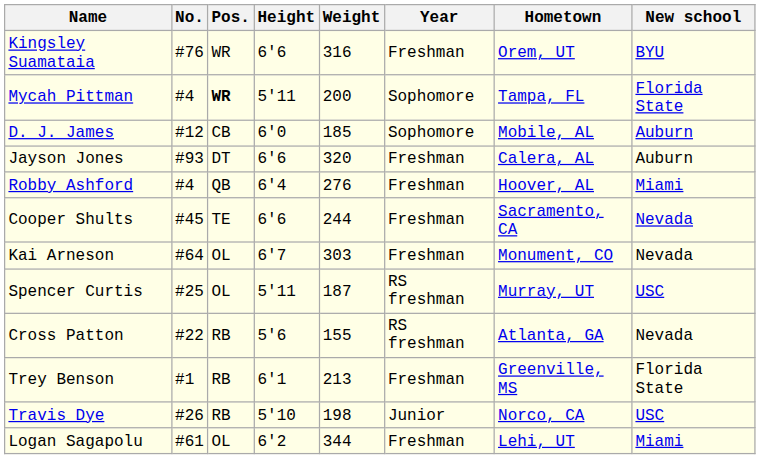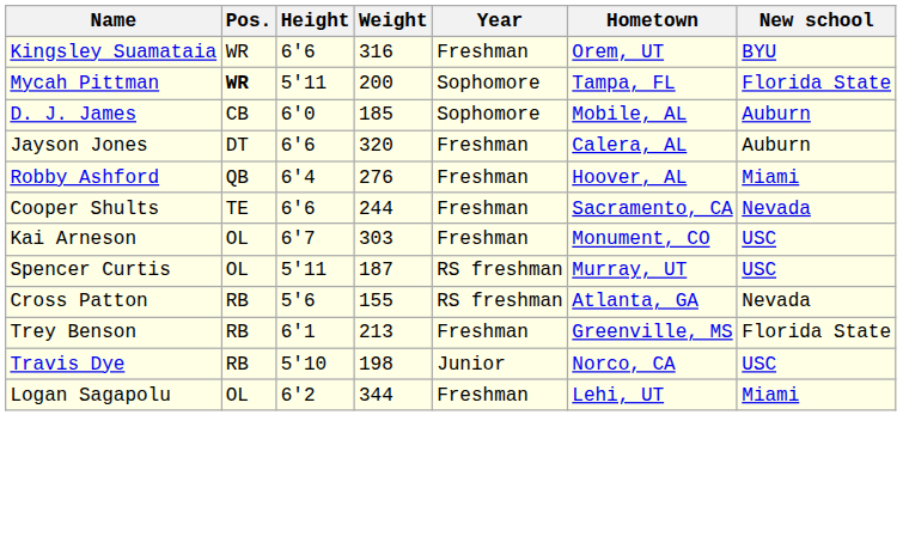 <table class="wikitable sortable mw-collapsible mw-collapsed">
 <tr>
 <th>Name</th>
-<th>No.</th>
 <th>Pos.</th>
 <th>Height</th>
 <th>Weight</th>
 <th>Year</th>
 <th>Hometown</th>
 <th class="unsortable">New school</th>
 </tr>
 <tr style="background:#FFFFE6;">
 <td><a href='#'>Kingsley Suamataia</a></td>
-<td>#76</td>
 <td>WR</td>
 <td>6'6</td>
 <td>316</td>
 <td>Freshman</td>
 <td><a href='#'>Orem, UT</a></td>
 <td><a href='#'>BYU</a></td>
 </tr>
 <tr style="background:#FFFFE6;">
 <td><a href='#'>Mycah Pittman</a></td>
-<td>#4</td>
 <td><strong>WR</strong></td>
 <td>5'11</td>
 <td>200</td>
 <td>Sophomore</td>
 <td><a href='#'>Tampa, FL</a></td>
 <td><a href='#'>Florida State</a></td>
 </tr>
 <tr style="background:#FFFFE6;">
 <td><a href='#'>D. J. James</a></td>
-<td>#12</td>
 <td>CB</td>
 <td>6'0</td>
 <td>185</td>
 <td>Sophomore</td>
 <td><a href='#'>Mobile, AL</a></td>
 <td><a href='#'>Auburn</a></td>
 </tr>
 <tr style="background:#FFFFE6;">
 <td>Jayson Jones</td>
-<td>#93</td>
 <td>DT</td>
 <td>6'6</td>
 <td>320</td>
 <td>Freshman</td>
 <td><a href='#'>Calera, AL</a></td>
 <td>Auburn</td>
 </tr>
 <tr style="background:#FFFFE6;">
 <td><a href='#'>Robby Ashford</a></td>
-<td>#4</td>
 <td>QB</td>
 <td>6'4</td>
 <td>276</td>
 <td>Freshman</td>
 <td><a href='#'>Hoover, AL</a></td>
 <td><a href='#'>Miami</a></td>
 </tr>
 <tr style="background:#FFFFE6;">
 <td>Cooper Shults</td>
-<td>#45</td>
 <td>TE</td>
 <td>6'6</td>
 <td>244</td>
 <td>Freshman</td>
 <td><a href='#'>Sacramento, CA</a></td>
 <td><a href='#'>Nevada</a></td>
 </tr>
 <tr style="background:#FFFFE6;">
 <td>Kai Arneson</td>
-<td>#64</td>
 <td>OL</td>
 <td>6'7</td>
 <td>303</td>
 <td>Freshman</td>
 <td><a href='#'>Monument, CO</a></td>
-<td>Nevada</td>
+<td><a href='#'>USC</a></td>
 </tr>
 <tr style="background:#FFFFE6;">
 <td>Spencer Curtis</td>
-<td>#25</td>
 <td>OL</td>
 <td>5'11</td>
 <td>187</td>
 <td>RS freshman</td>
 <td><a href='#'>Murray, UT</a></td>
 <td><a href='#'>USC</a></td>
 </tr>
 <tr style="background:#FFFFE6;">
 <td>Cross Patton</td>
-<td>#22</td>
 <td>RB</td>
 <td>5'6</td>
 <td>155</td>
 <td>RS freshman</td>
 <td><a href='#'>Atlanta, GA</a></td>
 <td>Nevada</td>
 </tr>
 <tr style="background:#FFFFE6;">
 <td>Trey Benson</td>
-<td>#1</td>
 <td>RB</td>
 <td>6'1</td>
 <td>213</td>
 <td>Freshman</td>
 <td><a href='#'>Greenville, MS</a></td>
 <td>Florida State</td>
 </tr>
 <tr style="background:#FFFFE6;">
 <td><a href='#'>Travis Dye</a></td>
-<td>#26</td>
 <td>RB</td>
 <td>5'10</td>
 <td>198</td>
 <td>Junior</td>
 <td><a href='#'>Norco, CA</a></td>
 <td><a href='#'>USC</a></td>
 </tr>
 <tr style="background:#FFFFE6;">
 <td>Logan Sagapolu</td>
-<td>#61</td>
 <td>OL</td>
 <td>6'2</td>
 <td>344</td>
 <td>Freshman</td>
 <td><a href='#'>Lehi, UT</a></td>
 <td><a href='#'>Miami</a></td>
 </tr>
 </table>
